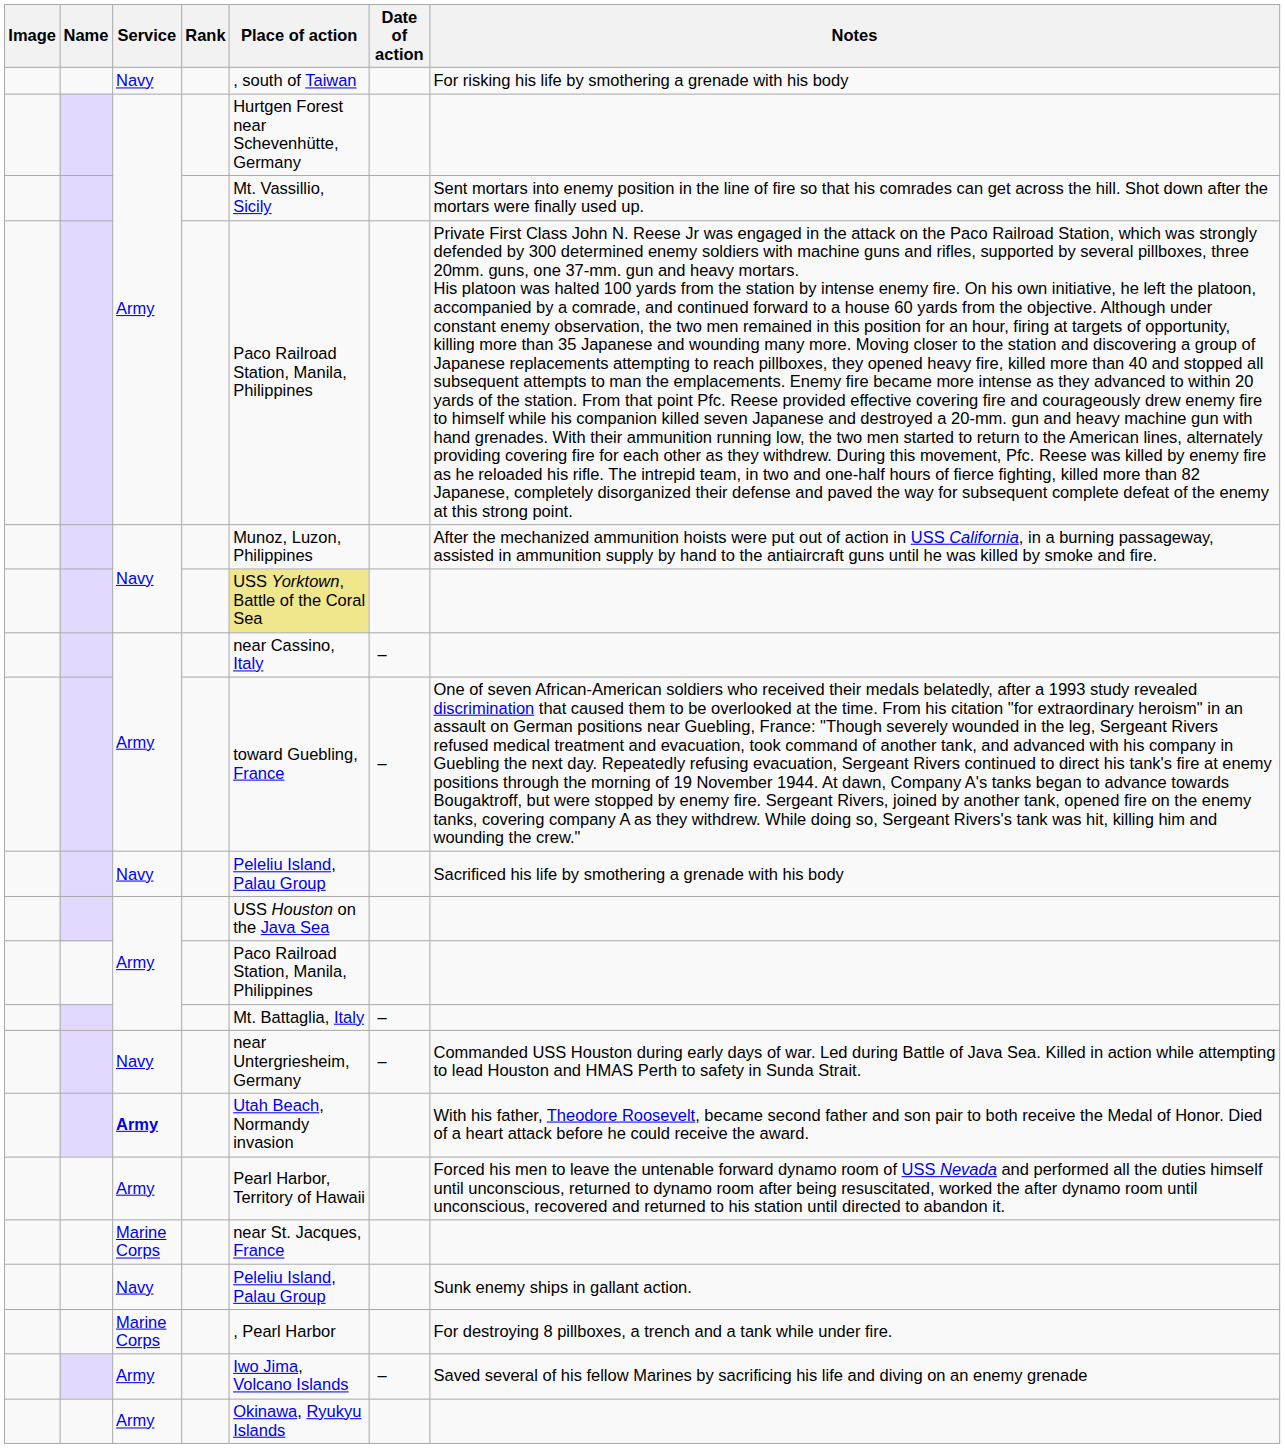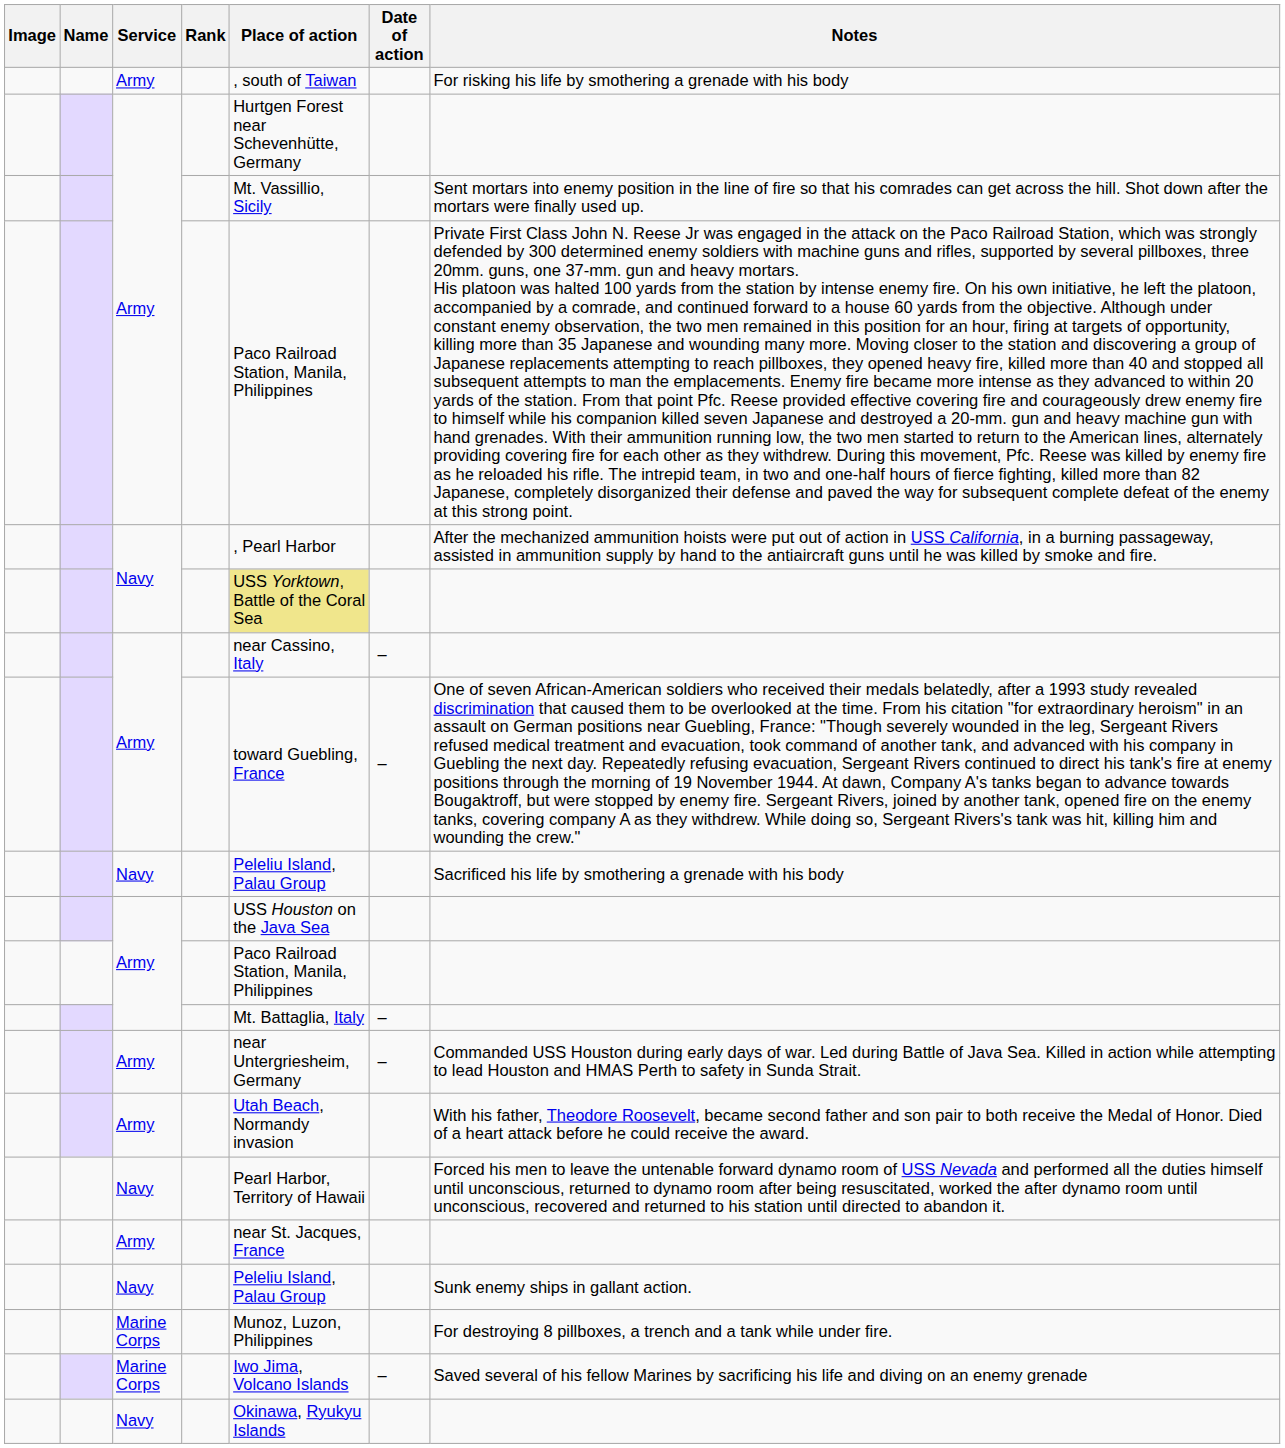 <table class="wikitable sortable" width="98%">
 <tr>
 <th class="unsortable">Image</th>
 <th>Name</th>
 <th>Service</th>
 <th>Rank</th>
 <th>Place of action</th>
 <th>Date of action</th>
 <th class="unsortable">Notes</th>
 </tr>
 <tr>
 <td></td>
 <td></td>
-<td><a href='#'>Navy</a></td>
+<td><a href='#'>Army</a></td>
 <td></td>
 <td>, south of <a href='#'>Taiwan</a></td>
 <td></td>
 <td>For risking his life by smothering a grenade with his body</td>
 </tr>
 <tr>
 <td></td>
 <td style="background:#e3d9ff;"></td>
 <td rowspan="3"><a href='#'>Army</a></td>
 <td></td>
 <td>Hurtgen Forest near Schevenhütte, Germany</td>
 <td></td>
 <td></td>
 </tr>
 <tr>
 <td></td>
 <td style="background:#e3d9ff;"></td>
 <td></td>
 <td>Mt. Vassillio, <a href='#'>Sicily</a></td>
 <td></td>
 <td>Sent mortars into enemy position in the line of fire so that his comrades can get across the hill. Shot down after the mortars were finally used up.</td>
 </tr>
 <tr>
 <td></td>
 <td style="background:#e3d9ff;"></td>
 <td></td>
 <td>Paco Railroad Station, Manila, Philippines</td>
 <td></td>
 <td>Private First Class John N. Reese Jr was engaged in the attack on the Paco Railroad Station, which was strongly defended by 300 determined enemy soldiers with machine guns and rifles, supported by several pillboxes, three 20mm. guns, one 37-mm. gun and heavy mortars.<br>His platoon was halted 100 yards from the station by intense enemy fire. On his own initiative, he left the platoon, accompanied by a comrade, and continued forward to a house 60 yards from the objective. Although under constant enemy observation, the two men remained in this position for an hour, firing at targets of opportunity, killing more than 35 Japanese and wounding many more. Moving closer to the station and discovering a group of Japanese replacements attempting to reach pillboxes, they opened heavy fire, killed more than 40 and stopped all subsequent attempts to man the emplacements. Enemy fire became more intense as they advanced to within 20 yards of the station. From that point Pfc. Reese provided effective covering fire and courageously drew enemy fire to himself while his companion killed seven Japanese and destroyed a 20-mm. gun and heavy machine gun with hand grenades. With their ammunition running low, the two men started to return to the American lines, alternately providing covering fire for each other as they withdrew. During this movement, Pfc. Reese was killed by enemy fire as he reloaded his rifle. The intrepid team, in two and one-half hours of fierce fighting, killed more than 82 Japanese, completely disorganized their defense and paved the way for subsequent complete defeat of the enemy at this strong point.</td>
 </tr>
 <tr>
 <td></td>
 <td style="background:#e3d9ff;"></td>
 <td rowspan="2"><a href='#'>Navy</a></td>
 <td></td>
-<td>Munoz, Luzon, Philippines</td>
+<td>, Pearl Harbor</td>
 <td></td>
 <td>After the mechanized ammunition hoists were put out of action in <a href='#'>USS <em>California</em></a>, in a burning passageway, assisted in ammunition supply by hand to the antiaircraft guns until he was killed by smoke and fire.</td>
 </tr>
 <tr>
 <td></td>
 <td style="background:#e3d9ff;"></td>
 <td></td>
 <td style="background: khaki;">USS <em>Yorktown</em>, Battle of the Coral Sea</td>
 <td></td>
 <td></td>
 </tr>
 <tr>
 <td></td>
 <td style="background:#e3d9ff;"></td>
 <td rowspan="2"><a href='#'>Army</a></td>
 <td></td>
 <td>near Cassino, <a href='#'>Italy</a></td>
 <td> – </td>
 <td></td>
 </tr>
 <tr>
 <td></td>
 <td style="background:#e3d9ff;"></td>
 <td></td>
 <td>toward Guebling, <a href='#'>France</a></td>
 <td> – </td>
 <td>One of seven African-American soldiers who received their medals belatedly, after a 1993 study revealed <a href='#'>discrimination</a> that caused them to be overlooked at the time. From his citation "for extraordinary heroism" in an assault on German positions near Guebling, France: "Though severely wounded in the leg, Sergeant Rivers refused medical treatment and evacuation, took command of another tank, and advanced with his company in Guebling the next day. Repeatedly refusing evacuation, Sergeant Rivers continued to direct his tank's fire at enemy positions through the morning of 19 November 1944. At dawn, Company A's tanks began to advance towards Bougaktroff, but were stopped by enemy fire. Sergeant Rivers, joined by another tank, opened fire on the enemy tanks, covering company A as they withdrew. While doing so, Sergeant Rivers's tank was hit, killing him and wounding the crew."</td>
 </tr>
 <tr>
 <td></td>
 <td style="background:#e3d9ff;"></td>
 <td><a href='#'>Navy</a></td>
 <td></td>
 <td><a href='#'>Peleliu Island</a>, <a href='#'>Palau Group</a></td>
 <td></td>
 <td>Sacrificed his life by smothering a grenade with his body</td>
 </tr>
 <tr>
 <td></td>
 <td style="background:#e3d9ff;"></td>
 <td rowspan="3"><a href='#'>Army</a></td>
 <td></td>
 <td>USS <em>Houston</em> on the <a href='#'>Java Sea</a></td>
 <td></td>
 <td></td>
 </tr>
 <tr>
 <td></td>
 <td></td>
 <td></td>
 <td>Paco Railroad Station, Manila, Philippines</td>
 <td></td>
 <td></td>
 </tr>
 <tr>
 <td></td>
 <td style="background:#e3d9ff;"></td>
 <td></td>
 <td>Mt. Battaglia, <a href='#'>Italy</a></td>
 <td> – </td>
 <td></td>
 </tr>
 <tr>
 <td></td>
 <td style="background:#e3d9ff;"></td>
-<td><a href='#'>Navy</a></td>
+<td><a href='#'>Army</a></td>
 <td></td>
 <td>near Untergriesheim, Germany</td>
 <td> – </td>
 <td>Commanded USS Houston during early days of war. Led during Battle of Java Sea. Killed in action while attempting to lead Houston and HMAS Perth to safety in Sunda Strait.</td>
 </tr>
 <tr>
 <td></td>
 <td style="background:#e3d9ff;"></td>
-<td><strong><a href='#'>Army</a></strong></td>
+<td><a href='#'>Army</a></td>
 <td></td>
 <td><a href='#'>Utah Beach</a>, Normandy invasion</td>
 <td></td>
 <td>With his father, <a href='#'>Theodore Roosevelt</a>, became second father and son pair to both receive the Medal of Honor. Died of a heart attack before he could receive the award.</td>
 </tr>
 <tr>
 <td></td>
 <td></td>
-<td><a href='#'>Army</a></td>
+<td><a href='#'>Navy</a></td>
 <td></td>
 <td>Pearl Harbor, Territory of Hawaii</td>
 <td></td>
 <td>Forced his men to leave the untenable forward dynamo room of <a href='#'>USS <em>Nevada</em></a> and performed all the duties himself until unconscious, returned to dynamo room after being resuscitated, worked the after dynamo room until unconscious, recovered and returned to his station until directed to abandon it.</td>
 </tr>
 <tr>
 <td></td>
 <td></td>
-<td><a href='#'>Marine Corps</a></td>
+<td><a href='#'>Army</a></td>
 <td></td>
 <td>near St. Jacques, <a href='#'>France</a></td>
 <td></td>
 <td></td>
 </tr>
 <tr>
 <td></td>
 <td></td>
 <td><a href='#'>Navy</a></td>
 <td></td>
 <td><a href='#'>Peleliu Island</a>, <a href='#'>Palau Group</a></td>
 <td></td>
 <td>Sunk enemy ships in gallant action.</td>
 </tr>
 <tr>
 <td></td>
 <td></td>
 <td><a href='#'>Marine Corps</a></td>
 <td></td>
-<td>, Pearl Harbor</td>
+<td>Munoz, Luzon, Philippines</td>
 <td></td>
 <td>For destroying 8 pillboxes, a trench and a tank while under fire.</td>
 </tr>
 <tr>
 <td></td>
 <td style="background:#e3d9ff;"></td>
-<td><a href='#'>Army</a></td>
+<td><a href='#'>Marine Corps</a></td>
 <td></td>
 <td><a href='#'>Iwo Jima</a>, <a href='#'>Volcano Islands</a></td>
 <td> – </td>
 <td>Saved several of his fellow Marines by sacrificing his life and diving on an enemy grenade</td>
 </tr>
 <tr>
 <td></td>
 <td></td>
-<td><a href='#'>Army</a></td>
+<td><a href='#'>Navy</a></td>
 <td></td>
 <td><a href='#'>Okinawa</a>, <a href='#'>Ryukyu Islands</a></td>
 <td></td>
 <td></td>
 </tr>
 </table>
